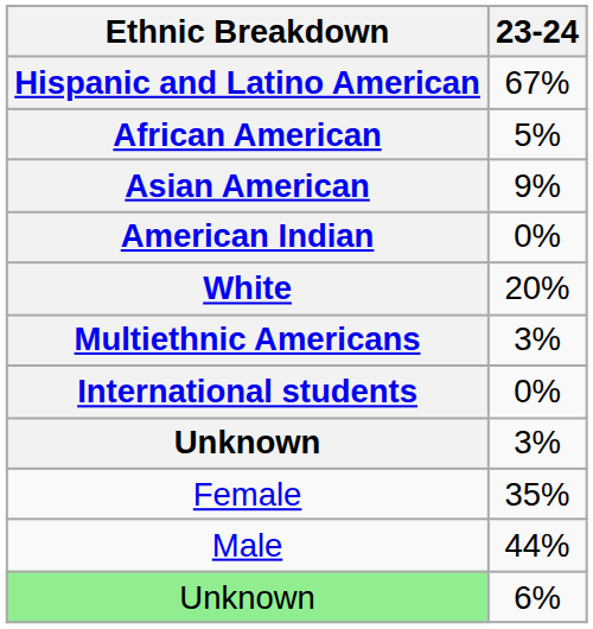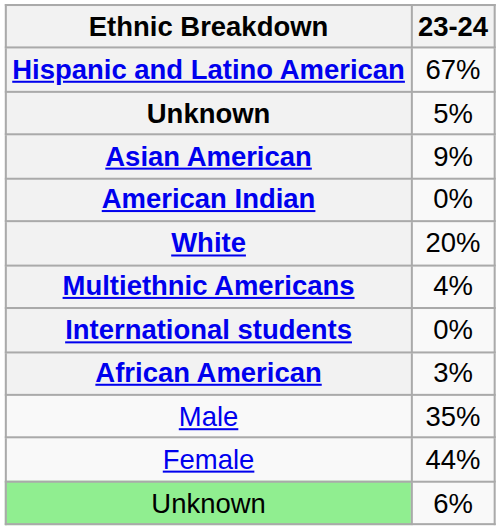 <table class="wikitable" style="text-align:center; float:right; font-size:85%; margin-left:2em; margin:auto;">
 <tr>
 <th><strong>Ethnic Breakdown</strong></th>
 <th><strong>23-24</strong></th>
 </tr>
 <tr>
 <th><a href='#'>Hispanic and Latino American</a></th>
 <td>67%</td>
 </tr>
 <tr>
-<th><a href='#'>African American</a></th>
+<th>Unknown</th>
 <td>5%</td>
 </tr>
 <tr>
 <th><a href='#'>Asian American</a></th>
 <td>9%</td>
 </tr>
 <tr>
 <th><a href='#'>American Indian</a></th>
 <td>0%</td>
 </tr>
 <tr>
 <th><a href='#'>White</a></th>
 <td>20%</td>
 </tr>
 <tr>
 <th><a href='#'>Multiethnic Americans</a></th>
-<td>3%</td>
+<td>4%</td>
 </tr>
 <tr>
 <th><a href='#'>International students</a></th>
 <td>0%</td>
 </tr>
 <tr>
-<th>Unknown</th>
+<th><a href='#'>African American</a></th>
 <td>3%</td>
 </tr>
 <tr>
-<td><a href='#'>Female</a></td>
+<td><a href='#'>Male</a></td>
 <td>35%</td>
 </tr>
 <tr>
-<td><a href='#'>Male</a></td>
+<td><a href='#'>Female</a></td>
 <td>44%</td>
 </tr>
 <tr>
 <td style="background: lightgreen;">Unknown</td>
 <td>6%</td>
 </tr>
 </table>
